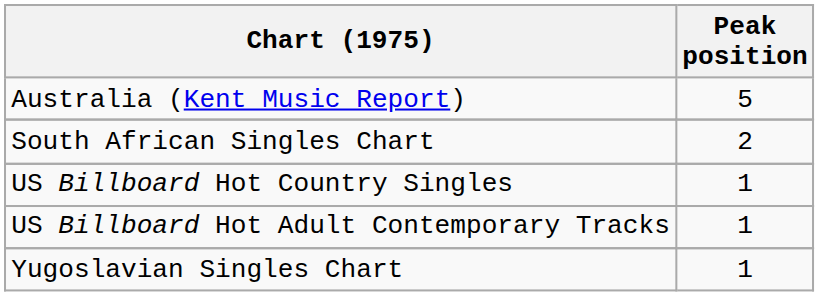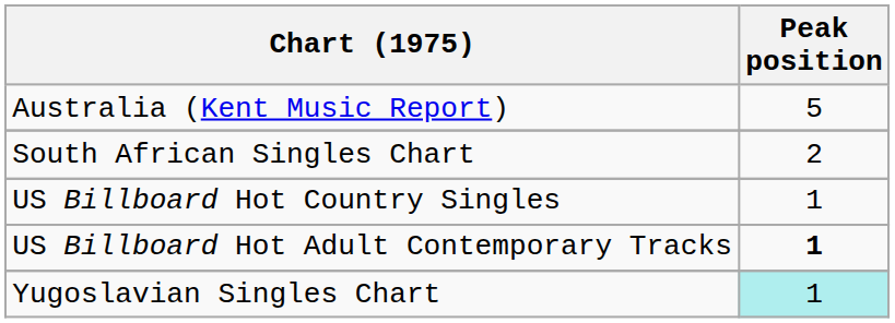 <table class="wikitable sortable">
 <tr>
 <th>Chart (1975)</th>
 <th>Peak<br>position</th>
 </tr>
 <tr>
 <td>Australia (<a href='#'>Kent Music Report</a>)</td>
 <td style="text-align:center;">5</td>
 </tr>
 <tr>
 </tr>
 <tr>
 </tr>
 <tr>
 </tr>
 <tr>
 </tr>
 <tr>
 </tr>
 <tr>
 </tr>
 <tr>
 </tr>
 <tr>
 </tr>
 <tr>
 </tr>
 <tr>
 <td>South African Singles Chart</td>
 <td style="text-align:center;">2</td>
 </tr>
 <tr>
 </tr>
 <tr>
 </tr>
 <tr>
 <td>US <em>Billboard</em> Hot Country Singles</td>
 <td style="text-align:center;">1</td>
 </tr>
 <tr>
 </tr>
 <tr>
 <td>US <em>Billboard</em> Hot Adult Contemporary Tracks</td>
-<td style="text-align:center;">1</td>
+<td style="text-align:center;"><strong>1</strong></td>
 </tr>
 <tr>
 </tr>
 <tr>
 <td>Yugoslavian Singles Chart</td>
-<td style="text-align:center;">1</td>
+<td style="background: paleturquoise; text-align:center;">1</td>
 </tr>
 </table>
